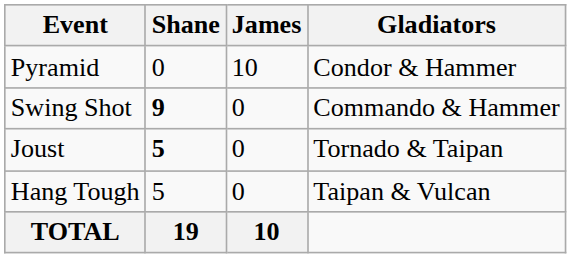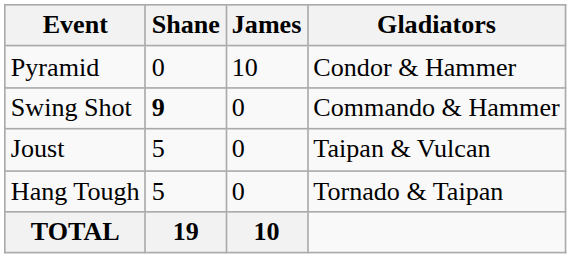 <table class="wikitable">
 <tr>
 <th>Event</th>
 <th>Shane</th>
 <th>James</th>
 <th>Gladiators</th>
 </tr>
 <tr>
 <td>Pyramid</td>
 <td>0</td>
 <td>10</td>
 <td>Condor & Hammer</td>
 </tr>
 <tr>
 <td>Swing Shot</td>
 <td><strong>9</strong></td>
 <td>0</td>
 <td>Commando & Hammer</td>
 </tr>
 <tr>
 <td>Joust</td>
-<td><strong>5</strong></td>
+<td>5</td>
 <td>0</td>
-<td>Tornado & Taipan</td>
+<td>Taipan & Vulcan</td>
 </tr>
 <tr>
 <td>Hang Tough</td>
 <td>5</td>
 <td>0</td>
-<td>Taipan & Vulcan</td>
+<td>Tornado & Taipan</td>
 </tr>
 <tr>
 <th>TOTAL</th>
 <th>19</th>
 <th>10</th>
 </tr>
 </table>
